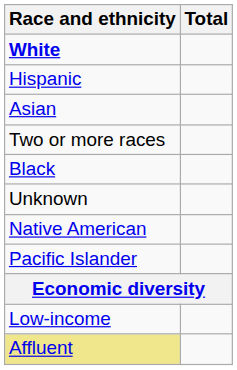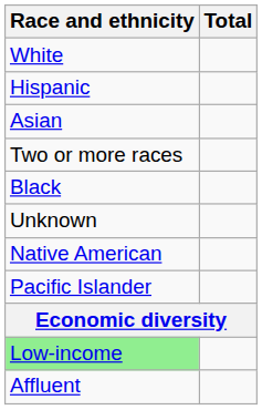 <table class="wikitable floatright sortable collapsible"; text-align:right; font-size:80%;">
 <tr>
 <th>Race and ethnicity</th>
 <th colspan="2" data-sort-type=number>Total</th>
 </tr>
 <tr>
-<td><strong><a href='#'>White</a></strong></td>
+<td><a href='#'>White</a></td>
 <td align=right></td>
 </tr>
 <tr>
 <td><a href='#'>Hispanic</a></td>
 <td align=right></td>
 </tr>
 <tr>
 <td><a href='#'>Asian</a></td>
 <td align=right></td>
 </tr>
 <tr>
 <td>Two or more races</td>
 <td align=right></td>
 </tr>
 <tr>
 <td><a href='#'>Black</a></td>
 <td align=right></td>
 </tr>
 <tr>
 <td>Unknown</td>
 <td align=right></td>
 </tr>
 <tr>
 <td><a href='#'>Native American</a></td>
 <td align=right></td>
 </tr>
 <tr>
 <td><a href='#'>Pacific Islander</a></td>
 <td align=right></td>
 </tr>
 <tr>
 <th colspan="4" data-sort-type=number><a href='#'>Economic diversity</a></th>
 </tr>
 <tr>
-<td><a href='#'>Low-income</a></td>
+<td style="background: lightgreen;"><a href='#'>Low-income</a></td>
 <td align=right></td>
 </tr>
 <tr>
-<td style="background: khaki;"><a href='#'>Affluent</a></td>
+<td><a href='#'>Affluent</a></td>
 <td align=right></td>
 </tr>
 </table>
